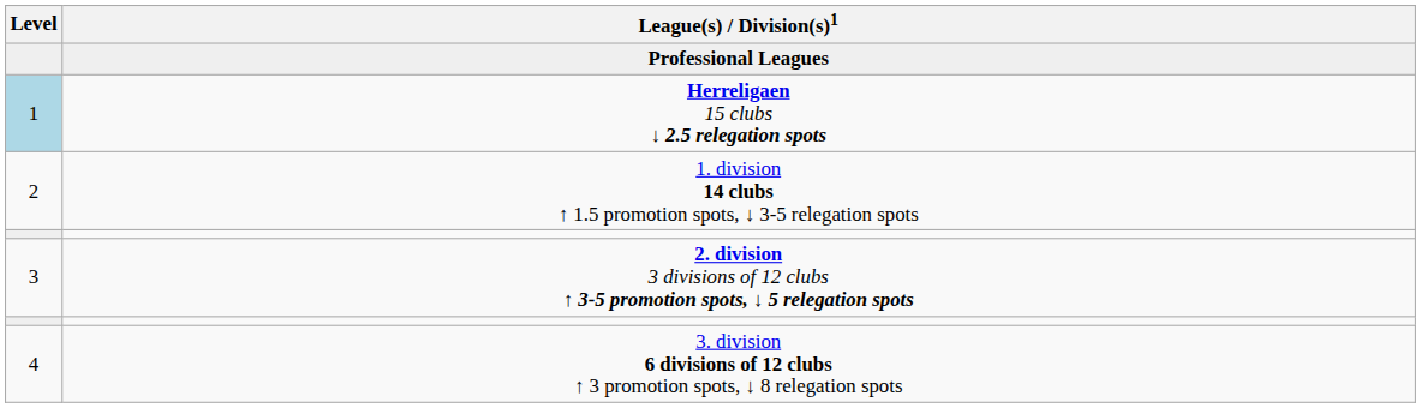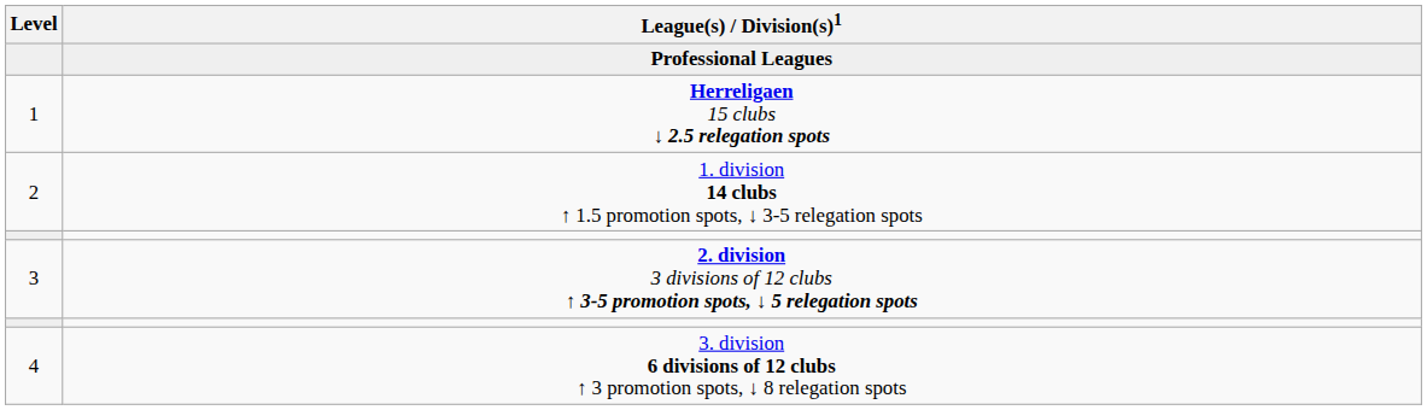 <table class="wikitable" style="text-align:center">
 <tr>
 <th width=4%>Level</th>
 <th colspan="24" width=96%>League(s) / Division(s)<sup>1</sup></th>
 </tr>
 <tr style="background:#efefef;">
 <td colspan="1"></td>
 <td colspan="24" style="text-align:center"><strong>Professional Leagues</strong></td>
 </tr>
 <tr>
-<td style="background: lightblue;">1</td>
+<td>1</td>
 <td colspan="24"><strong><a href='#'>Herreligaen</a></strong><br><em>15 clubs</em><br><strong><em>↓<strong> 2.5 relegation spots<em></td>
 </tr>
 <tr>
 <td>2</td>
 <td colspan="24"></strong><a href='#'>1. division</a><strong><br></em>14 clubs<em><br></em></strong>↑</strong> 1.5 promotion spots, <strong>↓</strong> 3-5 relegation spots</em></td>
 </tr>
 <tr style="background:#efefef;">
 <td colspan="1"></td>
 </tr>
 <tr>
 <td>3</td>
 <td colspan="24"><strong><a href='#'>2. division</a></strong><br><em>3 divisions of 12 clubs</em><br><strong><em>↑<strong> 3-5 promotion spots, </strong>↓<strong> 5 relegation spots<em></td>
 </tr>
 <tr style="background:#efefef;">
 <td colspan="1"></td>
 </tr>
 <tr>
 <td>4</td>
 <td colspan="24"></strong><a href='#'>3. division</a><strong><br></em>6 divisions of 12 clubs<em><br></em></strong>↑</strong> 3 promotion spots, <strong>↓</strong> 8 relegation spots</em></td>
 </tr>
 </table>
